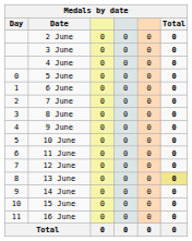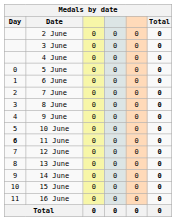 <table class="wikitable" style="font-size:90%; text-align:center;">
 <tr style="background:#efefef;">
 <th colspan=6><strong>Medals by date</strong></th>
 </tr>
 <tr>
 <th width=30><strong>Day</strong></th>
 <th width=90><strong>Date</strong></th>
 <th width=30 style="background:#F7F6A8;"></th>
 <th width=30 style="background:#DCE5E5;"></th>
 <th width=30 style="background:#FFDAB9;"></th>
 <th width=30><strong>Total</strong></th>
 </tr>
 <tr>
 <td></td>
 <td>2 June</td>
 <td style="background:#F7F6A8;">0</td>
 <td style="background:#DCE5E5;">0</td>
 <td style="background:#FFDAB9;">0</td>
 <td><strong>0</strong></td>
 </tr>
 <tr>
 <td></td>
 <td>3 June</td>
 <td style="background:#F7F6A8;">0</td>
 <td style="background:#DCE5E5;">0</td>
 <td style="background:#FFDAB9;">0</td>
 <td><strong>0</strong></td>
 </tr>
 <tr>
 <td></td>
 <td>4 June</td>
 <td style="background:#F7F6A8;">0</td>
 <td style="background:#DCE5E5;">0</td>
 <td style="background:#FFDAB9;">0</td>
 <td><strong>0</strong></td>
 </tr>
 <tr>
 <td>0</td>
 <td>5 June</td>
 <td style="background:#F7F6A8;">0</td>
 <td style="background:#DCE5E5;">0</td>
 <td style="background:#FFDAB9;">0</td>
 <td><strong>0</strong></td>
 </tr>
 <tr>
 <td>1</td>
 <td>6 June</td>
 <td style="background:#F7F6A8;">0</td>
 <td style="background:#DCE5E5;">0</td>
 <td style="background:#FFDAB9;">0</td>
 <td><strong>0</strong></td>
 </tr>
 <tr>
 <td>2</td>
 <td>7 June</td>
 <td style="background:#F7F6A8;">0</td>
 <td style="background:#DCE5E5;">0</td>
 <td style="background:#FFDAB9;">0</td>
 <td><strong>0</strong></td>
 </tr>
 <tr>
 <td>3</td>
 <td>8 June</td>
 <td style="background:#F7F6A8;">0</td>
 <td style="background:#DCE5E5;">0</td>
 <td style="background:#FFDAB9;">0</td>
 <td><strong>0</strong></td>
 </tr>
 <tr>
 <td>4</td>
 <td>9 June</td>
 <td style="background:#F7F6A8;">0</td>
 <td style="background:#DCE5E5;">0</td>
 <td style="background:#FFDAB9;">0</td>
 <td><strong>0</strong></td>
 </tr>
 <tr>
 <td>5</td>
 <td>10 June</td>
 <td style="background:#F7F6A8;">0</td>
 <td style="background:#DCE5E5;">0</td>
 <td style="background:#FFDAB9;">0</td>
 <td><strong>0</strong></td>
 </tr>
 <tr>
-<td>6</td>
+<td><strong>6</strong></td>
 <td>11 June</td>
 <td style="background:#F7F6A8;">0</td>
 <td style="background:#DCE5E5;">0</td>
 <td style="background:#FFDAB9;">0</td>
 <td><strong>0</strong></td>
 </tr>
 <tr>
 <td>7</td>
 <td>12 June</td>
 <td style="background:#F7F6A8;">0</td>
 <td style="background:#DCE5E5;">0</td>
 <td style="background:#FFDAB9;">0</td>
 <td><strong>0</strong></td>
 </tr>
 <tr>
 <td>8</td>
 <td>13 June</td>
 <td style="background:#F7F6A8;">0</td>
 <td style="background:#DCE5E5;">0</td>
 <td style="background:#FFDAB9;">0</td>
-<td style="background: khaki;"><strong>0</strong></td>
+<td><strong>0</strong></td>
 </tr>
 <tr>
 <td>9</td>
 <td>14 June</td>
 <td style="background:#F7F6A8;">0</td>
 <td style="background:#DCE5E5;">0</td>
 <td style="background:#FFDAB9;">0</td>
 <td><strong>0</strong></td>
 </tr>
 <tr>
 <td>10</td>
 <td>15 June</td>
 <td style="background:#F7F6A8;">0</td>
 <td style="background:#DCE5E5;">0</td>
 <td style="background:#FFDAB9;">0</td>
 <td><strong>0</strong></td>
 </tr>
 <tr>
 <td>11</td>
 <td>16 June</td>
 <td style="background:#F7F6A8;">0</td>
 <td style="background:#DCE5E5;">0</td>
 <td style="background:#FFDAB9;">0</td>
 <td><strong>0</strong></td>
 </tr>
 <tr>
 <th colspan="2"><strong>Total</strong></th>
 <th><strong>0</strong></th>
 <th><strong>0</strong></th>
 <th><strong>0</strong></th>
 <th><strong>0</strong></th>
 </tr>
 </table>
